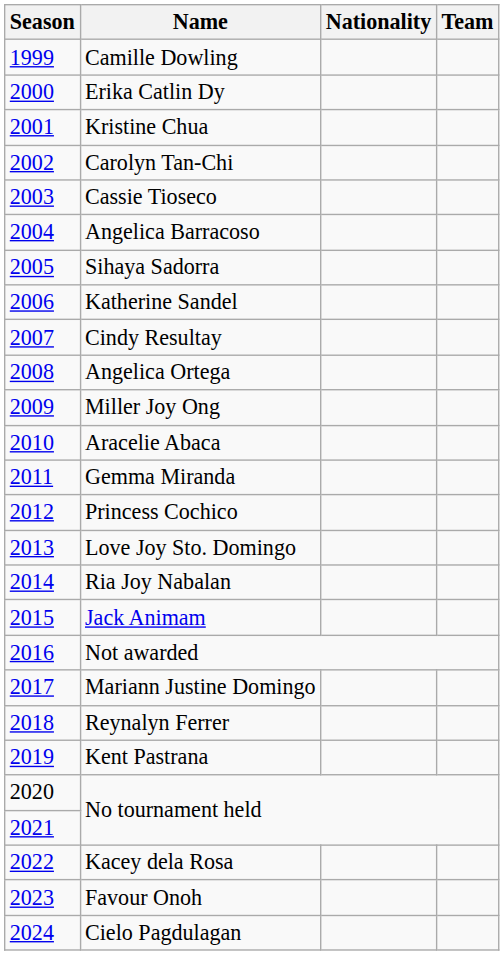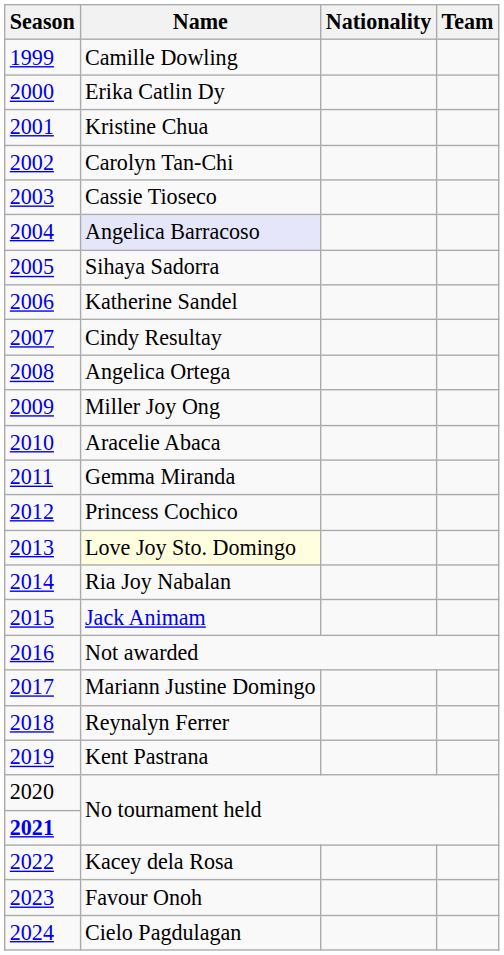 <table class="wikitable">
 <tr>
 <th>Season</th>
 <th>Name</th>
 <th>Nationality</th>
 <th>Team</th>
 </tr>
 <tr>
 <td><a href='#'>1999</a></td>
 <td>Camille Dowling</td>
 <td></td>
 <td></td>
 </tr>
 <tr>
 <td><a href='#'>2000</a></td>
 <td>Erika Catlin Dy</td>
 <td></td>
 <td></td>
 </tr>
 <tr>
 <td><a href='#'>2001</a></td>
 <td>Kristine Chua</td>
 <td></td>
 <td></td>
 </tr>
 <tr>
 <td><a href='#'>2002</a></td>
 <td>Carolyn Tan-Chi</td>
 <td></td>
 <td></td>
 </tr>
 <tr>
 <td><a href='#'>2003</a></td>
 <td>Cassie Tioseco</td>
 <td></td>
 <td></td>
 </tr>
 <tr>
 <td><a href='#'>2004</a></td>
-<td>Angelica Barracoso</td>
+<td style="background: lavender;">Angelica Barracoso</td>
 <td></td>
 <td></td>
 </tr>
 <tr>
 <td><a href='#'>2005</a></td>
 <td>Sihaya Sadorra</td>
 <td></td>
 <td></td>
 </tr>
 <tr>
 <td><a href='#'>2006</a></td>
 <td>Katherine Sandel</td>
 <td></td>
 <td></td>
 </tr>
 <tr>
 <td><a href='#'>2007</a></td>
 <td>Cindy Resultay</td>
 <td></td>
 <td></td>
 </tr>
 <tr>
 <td><a href='#'>2008</a></td>
 <td>Angelica Ortega</td>
 <td></td>
 <td></td>
 </tr>
 <tr>
 <td><a href='#'>2009</a></td>
 <td>Miller Joy Ong</td>
 <td></td>
 <td></td>
 </tr>
 <tr>
 <td><a href='#'>2010</a></td>
 <td>Aracelie Abaca</td>
 <td></td>
 <td></td>
 </tr>
 <tr>
 <td><a href='#'>2011</a></td>
 <td>Gemma Miranda</td>
 <td></td>
 <td></td>
 </tr>
 <tr>
 <td><a href='#'>2012</a></td>
 <td>Princess Cochico</td>
 <td></td>
 <td></td>
 </tr>
 <tr>
 <td><a href='#'>2013</a></td>
-<td>Love Joy Sto. Domingo</td>
+<td style="background: lightyellow;">Love Joy Sto. Domingo</td>
 <td></td>
 <td></td>
 </tr>
 <tr>
 <td><a href='#'>2014</a></td>
 <td>Ria Joy Nabalan</td>
 <td></td>
 <td></td>
 </tr>
 <tr>
 <td><a href='#'>2015</a></td>
 <td><a href='#'>Jack Animam</a></td>
 <td></td>
 <td></td>
 </tr>
 <tr>
 <td><a href='#'>2016</a></td>
 <td colspan="3">Not awarded</td>
 </tr>
 <tr>
 <td><a href='#'>2017</a></td>
 <td>Mariann Justine Domingo</td>
 <td></td>
 <td></td>
 </tr>
 <tr>
 <td><a href='#'>2018</a></td>
 <td>Reynalyn Ferrer</td>
 <td></td>
 <td></td>
 </tr>
 <tr>
 <td><a href='#'>2019</a></td>
 <td>Kent Pastrana</td>
 <td></td>
 <td></td>
 </tr>
 <tr>
 <td>2020</td>
 <td colspan="3" rowspan="2">No tournament held</td>
 </tr>
 <tr>
-<td><a href='#'>2021</a></td>
+<td><strong><a href='#'>2021</a></strong></td>
 </tr>
 <tr>
 <td><a href='#'>2022</a></td>
 <td>Kacey dela Rosa</td>
 <td></td>
 <td></td>
 </tr>
 <tr>
 <td><a href='#'>2023</a></td>
 <td>Favour Onoh</td>
 <td></td>
 <td></td>
 </tr>
 <tr>
 <td><a href='#'>2024</a></td>
 <td>Cielo Pagdulagan</td>
 <td></td>
 <td></td>
 </tr>
 </table>
